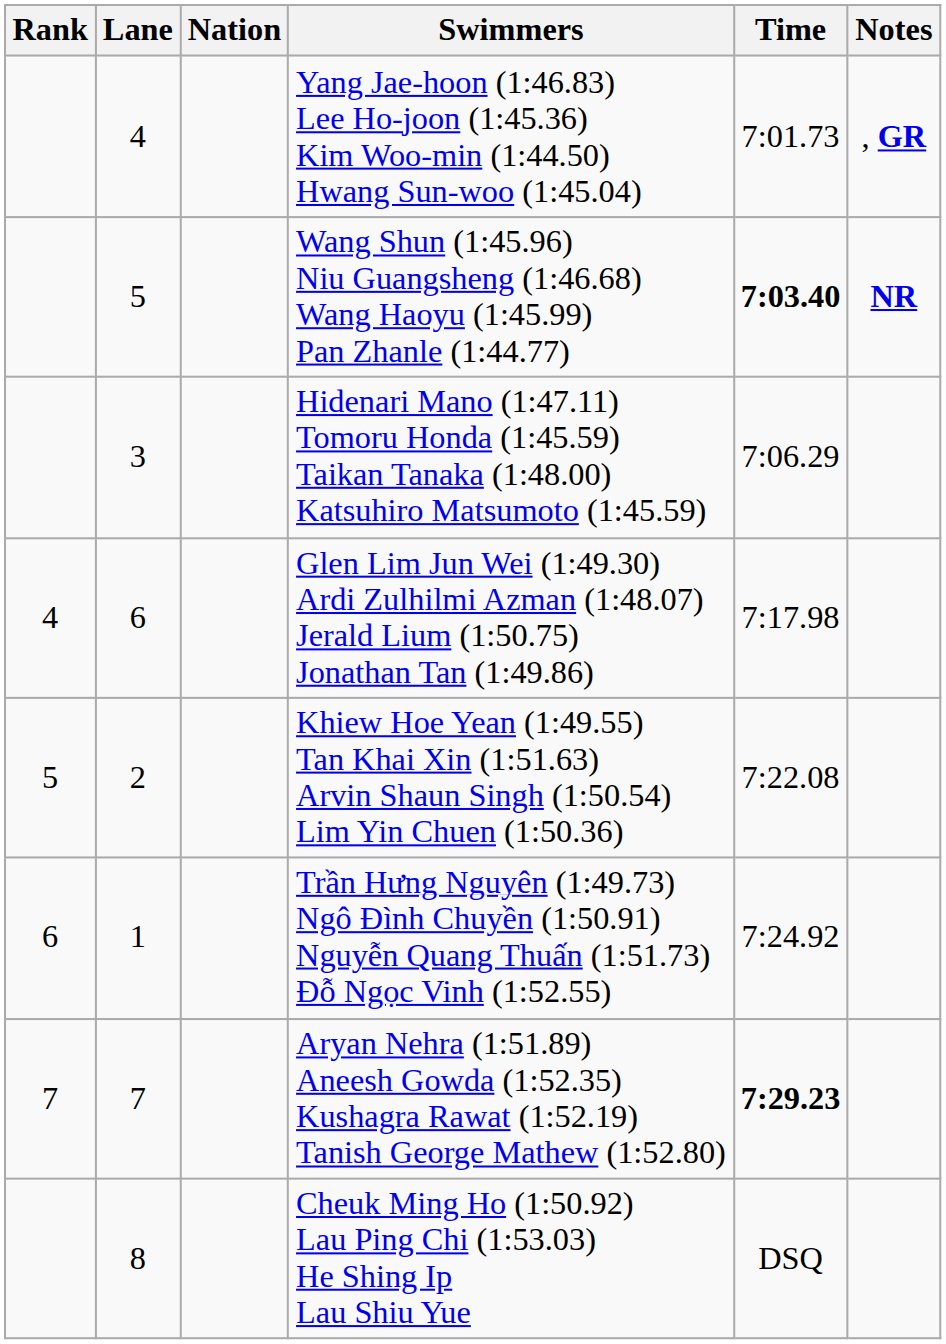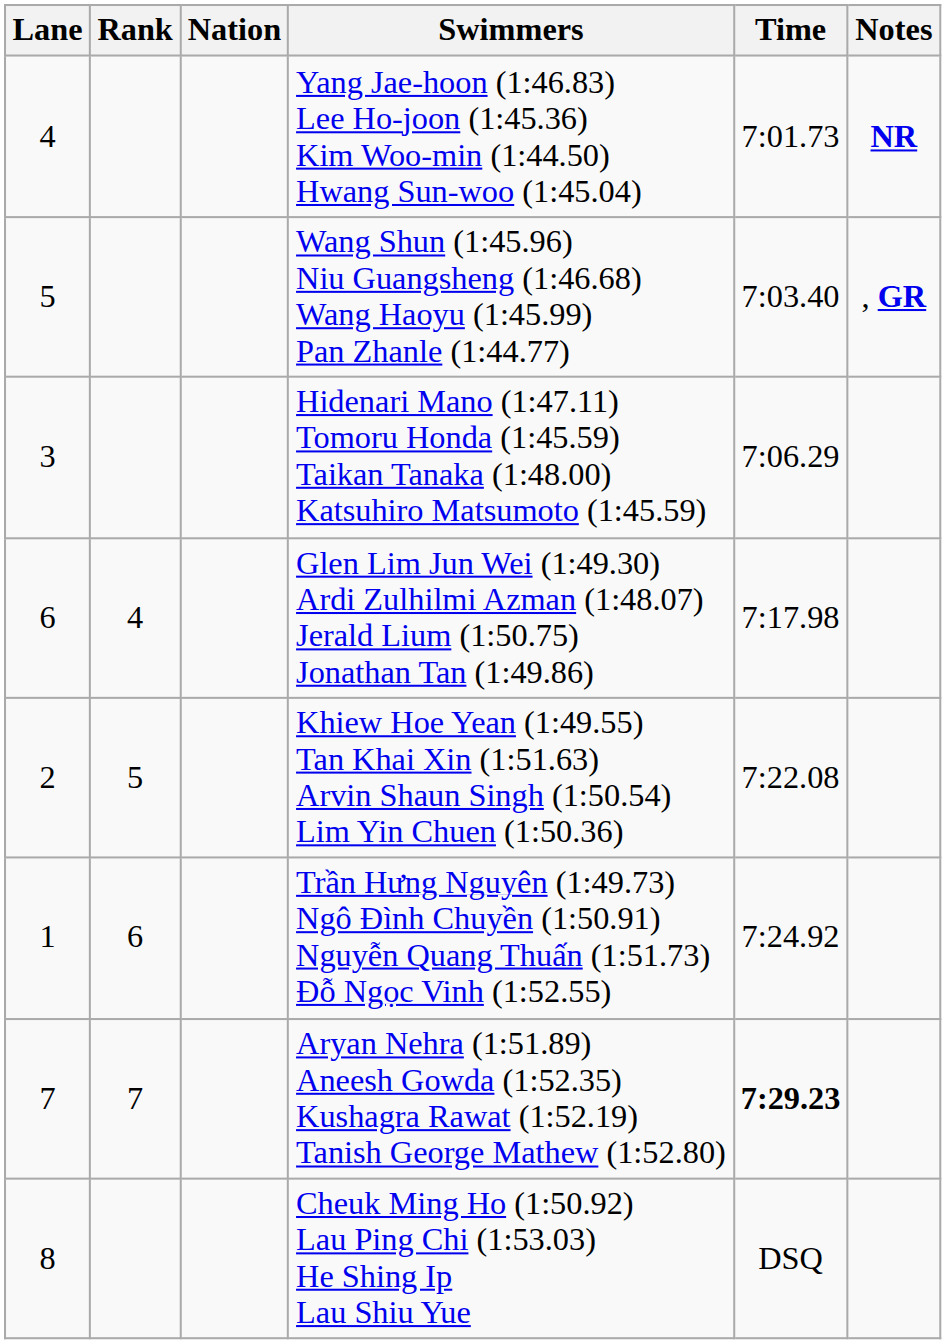 <table class="wikitable sortable" style="text-align:center">
 <tr>
+<th>Lane</th>
 <th>Rank</th>
-<th>Lane</th>
 <th>Nation</th>
 <th>Swimmers</th>
 <th>Time</th>
 <th>Notes</th>
 </tr>
 <tr>
+<td>4</td>
 <td></td>
-<td>4</td>
 <td align=left></td>
 <td align=left><a href='#'>Yang Jae-hoon</a> (1:46.83)<br><a href='#'>Lee Ho-joon</a> (1:45.36)<br><a href='#'>Kim Woo-min</a> (1:44.50)<br><a href='#'>Hwang Sun-woo</a> (1:45.04)</td>
 <td>7:01.73</td>
+<td><strong><a href='#'>NR</a></strong></td>
+</tr>
+<tr>
+<td>5</td>
+<td></td>
+<td align=left></td>
+<td align=left><a href='#'>Wang Shun</a> (1:45.96)<br><a href='#'>Niu Guangsheng</a> (1:46.68)<br><a href='#'>Wang Haoyu</a> (1:45.99)<br><a href='#'>Pan Zhanle</a> (1:44.77)</td>
+<td>7:03.40</td>
 <td>, <strong><a href='#'>GR</a></strong></td>
 </tr>
 <tr>
+<td>3</td>
 <td></td>
-<td>5</td>
-<td align=left></td>
-<td align=left><a href='#'>Wang Shun</a> (1:45.96)<br><a href='#'>Niu Guangsheng</a> (1:46.68)<br><a href='#'>Wang Haoyu</a> (1:45.99)<br><a href='#'>Pan Zhanle</a> (1:44.77)</td>
-<td><strong>7:03.40</strong></td>
-<td><strong><a href='#'>NR</a></strong></td>
-</tr>
-<tr>
-<td></td>
-<td>3</td>
 <td align=left></td>
 <td align=left><a href='#'>Hidenari Mano</a> (1:47.11)<br><a href='#'>Tomoru Honda</a> (1:45.59)<br><a href='#'>Taikan Tanaka</a> (1:48.00)<br><a href='#'>Katsuhiro Matsumoto</a> (1:45.59)</td>
 <td>7:06.29</td>
 <td></td>
 </tr>
 <tr>
+<td>6</td>
 <td>4</td>
-<td>6</td>
 <td align=left></td>
 <td align=left><a href='#'>Glen Lim Jun Wei</a> (1:49.30)<br><a href='#'>Ardi Zulhilmi Azman</a> (1:48.07)<br><a href='#'>Jerald Lium</a> (1:50.75)<br><a href='#'>Jonathan Tan</a> (1:49.86)</td>
 <td>7:17.98</td>
 <td></td>
 </tr>
 <tr>
+<td>2</td>
 <td>5</td>
-<td>2</td>
 <td align=left></td>
 <td align=left><a href='#'>Khiew Hoe Yean</a> (1:49.55)<br><a href='#'>Tan Khai Xin</a> (1:51.63)<br><a href='#'>Arvin Shaun Singh</a> (1:50.54)<br><a href='#'>Lim Yin Chuen</a> (1:50.36)</td>
 <td>7:22.08</td>
 <td></td>
 </tr>
 <tr>
+<td>1</td>
 <td>6</td>
-<td>1</td>
 <td align=left></td>
 <td align=left><a href='#'>Trần Hưng Nguyên</a> (1:49.73)<br><a href='#'>Ngô Đình Chuyền</a> (1:50.91)<br><a href='#'>Nguyễn Quang Thuấn</a> (1:51.73)<br><a href='#'>Đỗ Ngọc Vinh</a> (1:52.55)</td>
 <td>7:24.92</td>
 <td></td>
 </tr>
 <tr>
 <td>7</td>
 <td>7</td>
 <td align=left></td>
 <td align=left><a href='#'>Aryan Nehra</a> (1:51.89)<br><a href='#'>Aneesh Gowda</a> (1:52.35)<br><a href='#'>Kushagra Rawat</a> (1:52.19)<br><a href='#'>Tanish George Mathew</a> (1:52.80)</td>
 <td><strong>7:29.23</strong></td>
 <td></td>
 </tr>
 <tr>
+<td>8</td>
 <td></td>
-<td>8</td>
 <td align=left></td>
 <td align=left><a href='#'>Cheuk Ming Ho</a> (1:50.92)<br><a href='#'>Lau Ping Chi</a> (1:53.03)<br><a href='#'>He Shing Ip</a><br><a href='#'>Lau Shiu Yue</a></td>
 <td>DSQ</td>
 <td></td>
 </tr>
 </table>
